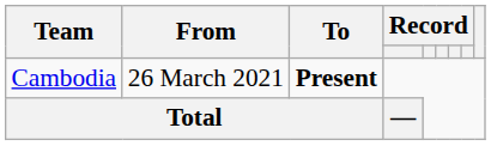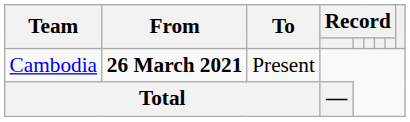 <table class=wikitable style=text-align:center>
 <tr>
 <th rowspan=2>Team</th>
 <th rowspan=2>From</th>
 <th rowspan=2>To</th>
 <th colspan=5>Record</th>
 <th rowspan=2></th>
 </tr>
 <tr>
 <th></th>
 <th></th>
 <th></th>
 <th></th>
 <th></th>
 </tr>
 <tr>
 <td align=left><a href='#'>Cambodia</a></td>
-<td align=left>26 March 2021</td>
-<td align=left><strong>Present<br></strong></td>
+<td align=left><strong>26 March 2021</strong></td>
+<td align=left>Present<br></td>
 </tr>
 <tr>
 <th colspan=3>Total<br></th>
 <th>—</th>
 </tr>
 </table>
